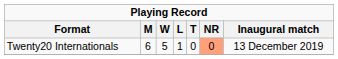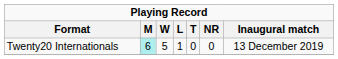 <table class="wikitable" style="text-align: center; width: 500px;">
 <tr>
 <td colspan=7 align="center"><strong>Playing Record</strong></td>
 </tr>
 <tr>
 <th>Format</th>
 <th>M</th>
 <th>W</th>
 <th>L</th>
 <th>T</th>
 <th>NR</th>
 <th>Inaugural match</th>
 </tr>
 <tr>
 <td align="left">Twenty20 Internationals</td>
-<td>6</td>
+<td style="background: paleturquoise;">6</td>
 <td>5</td>
 <td>1</td>
 <td>0</td>
-<td style="background: lightsalmon;">0</td>
+<td>0</td>
 <td>13 December 2019</td>
 </tr>
 <tr>
 </tr>
 </table>
